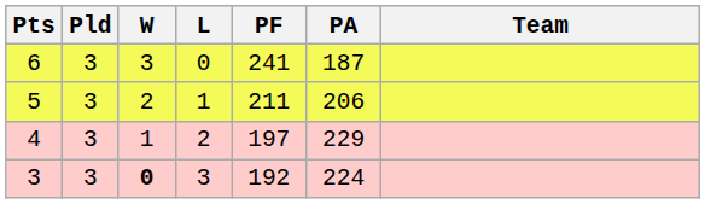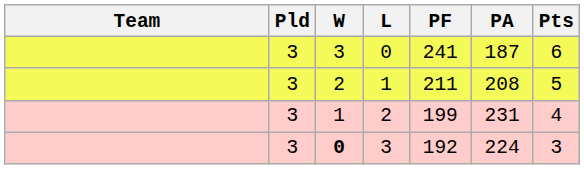 <table class="wikitable" style="text-align:center;">
 <tr>
-<th width=25>Pts</th>
+<th width=170>Team</th>
 <th width=25>Pld</th>
 <th width=25>W</th>
 <th width=25>L</th>
 <th width=35>PF</th>
 <th width=35>PA</th>
-<th width=170>Team</th>
+<th width=25>Pts</th>
 </tr>
 <tr bgcolor=#F4FA58>
-<td>6</td>
+<td align="left"></td>
 <td>3</td>
 <td>3</td>
 <td>0</td>
 <td>241</td>
 <td>187</td>
-<td align="left"></td>
+<td>6</td>
 </tr>
 <tr bgcolor=#F4FA58>
-<td>5</td>
+<td align="left"></td>
 <td>3</td>
 <td>2</td>
 <td>1</td>
 <td>211</td>
-<td>206</td>
-<td align="left"></td>
+<td>208</td>
+<td>5</td>
 </tr>
 <tr bgcolor=#ffcccc>
-<td>4</td>
+<td align="left"></td>
 <td>3</td>
 <td>1</td>
 <td>2</td>
-<td>197</td>
-<td>229</td>
-<td align="left"></td>
+<td>199</td>
+<td>231</td>
+<td>4</td>
 </tr>
 <tr bgcolor=#ffcccc>
-<td>3</td>
+<td align="left"></td>
 <td>3</td>
 <td><strong>0</strong></td>
 <td>3</td>
 <td>192</td>
 <td>224</td>
-<td align="left"></td>
+<td>3</td>
 </tr>
 </table>
